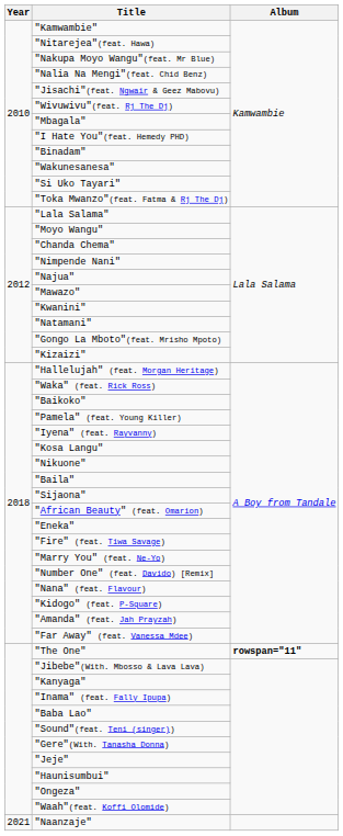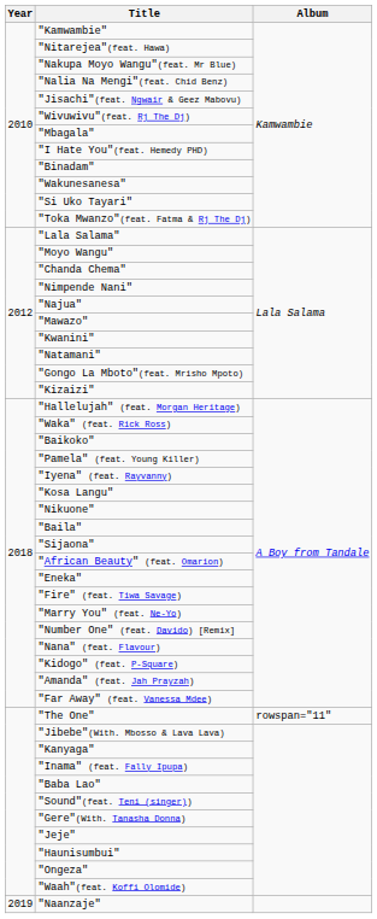 <table class="wikitable sortable">
 <tr>
 <th>Year</th>
 <th>Title</th>
 <th>Album</th>
 </tr>
 <tr>
 <td rowspan="12">2010<br></td>
 <td>"Kamwambie"</td>
 <td rowspan="12"><em>Kamwambie</em></td>
 </tr>
 <tr>
 <td>"Nitarejea"<small>(feat. Hawa)</small></td>
 </tr>
 <tr>
 <td>"Nakupa Moyo Wangu"<small>(feat. Mr Blue)</small></td>
 </tr>
 <tr>
 <td>"Nalia Na Mengi"<small>(feat. Chid Benz)</small></td>
 </tr>
 <tr>
 <td>"Jisachi"<small>(feat. <a href='#'>Ngwair</a> & Geez Mabovu)</small></td>
 </tr>
 <tr>
 <td>"Wivuwivu"<small>(feat. <a href='#'>Rj The Dj</a>)</small></td>
 </tr>
 <tr>
 <td>"Mbagala"</td>
 </tr>
 <tr>
 <td>"I Hate You"<small>(feat. Hemedy PHD)</small></td>
 </tr>
 <tr>
 <td>"Binadam"</td>
 </tr>
 <tr>
 <td>"Wakunesanesa"</td>
 </tr>
 <tr>
 <td>"Si Uko Tayari"</td>
 </tr>
 <tr>
 <td>"Toka Mwanzo"<small>(feat. Fatma & <a href='#'>Rj The Dj</a>)</small></td>
 </tr>
 <tr>
 <td rowspan="10">2012<br></td>
 <td>"Lala Salama"</td>
 <td rowspan="10"><em>Lala Salama</em></td>
 </tr>
 <tr>
 <td>"Moyo Wangu"</td>
 </tr>
 <tr>
 <td>"Chanda Chema"</td>
 </tr>
 <tr>
 <td>"Nimpende Nani"</td>
 </tr>
 <tr>
 <td>"Najua"</td>
 </tr>
 <tr>
 <td>"Mawazo"</td>
 </tr>
 <tr>
 <td>"Kwanini"</td>
 </tr>
 <tr>
 <td>"Natamani"</td>
 </tr>
 <tr>
 <td>"Gongo La Mboto"<small>(feat. Mrisho Mpoto)</small></td>
 </tr>
 <tr>
 <td>"Kizaizi"</td>
 </tr>
 <tr>
 <td rowspan="18">2018</td>
 <td>"Hallelujah" <small>(feat. <a href='#'>Morgan Heritage</a>)</small></td>
 <td rowspan="18"><em><a href='#'>A Boy from Tandale</a></em></td>
 </tr>
 <tr>
 <td>"Waka" <small>(feat. <a href='#'>Rick Ross</a>)</small></td>
 </tr>
 <tr>
 <td>"Baikoko"</td>
 </tr>
 <tr>
 <td>"Pamela" <small>(feat. Young Killer)</small></td>
 </tr>
 <tr>
 <td>"Iyena" <small>(feat. <a href='#'>Rayvanny</a>)</small></td>
 </tr>
 <tr>
 <td>"Kosa Langu"</td>
 </tr>
 <tr>
 <td>"Nikuone"</td>
 </tr>
 <tr>
 <td>"Baila"</td>
 </tr>
 <tr>
 <td>"Sijaona"</td>
 </tr>
 <tr>
 <td>"<a href='#'>African Beauty</a>" <small>(feat. <a href='#'>Omarion</a>)</small></td>
 </tr>
 <tr>
 <td>"Eneka"</td>
 </tr>
 <tr>
 <td>"Fire" <small>(feat. <a href='#'>Tiwa Savage</a>)</small></td>
 </tr>
 <tr>
 <td>"Marry You" <small>(feat. <a href='#'>Ne-Yo</a>)</small></td>
 </tr>
 <tr>
 <td>"Number One" <small>(feat. <a href='#'>Davido</a>) [Remix]</small></td>
 </tr>
 <tr>
 <td>"Nana" <small>(feat. <a href='#'>Flavour</a>)</small></td>
 </tr>
 <tr>
 <td>"Kidogo" <small>(feat. <a href='#'>P-Square</a>)</small></td>
 </tr>
 <tr>
 <td>"Amanda" <small>(feat. <a href='#'>Jah Prayzah</a>)</small></td>
 </tr>
 <tr>
 <td>"Far Away" <small>(feat. <a href='#'>Vanessa Mdee</a>)</small></td>
 </tr>
 <tr>
 <td rowspan="11"></td>
 <td>"The One"</td>
-<td><strong>rowspan="11"</strong></td>
+<td>rowspan="11"</td>
 </tr>
 <tr>
 <td>"Jibebe"<small>(With. Mbosso & Lava Lava)</small></td>
 </tr>
 <tr>
 <td>"Kanyaga"</td>
 </tr>
 <tr>
 <td>"Inama" <small>(feat. <a href='#'>Fally Ipupa</a>)</small></td>
 </tr>
 <tr>
 <td>"Baba Lao"</td>
 </tr>
 <tr>
 <td>"Sound"<small>(feat. <a href='#'>Teni (singer)</a>)</small></td>
 </tr>
 <tr>
 <td>"Gere"<small>(With. <a href='#'>Tanasha Donna</a>)</small></td>
 </tr>
 <tr>
 <td>"Jeje"</td>
 </tr>
 <tr>
 <td>"Haunisumbui"</td>
 </tr>
 <tr>
 <td>"Ongeza"</td>
 </tr>
 <tr>
 <td>"Waah"<small>(feat. <a href='#'>Koffi Olomide</a>)</small></td>
 </tr>
 <tr>
-<td>2021</td>
+<td>2019</td>
 <td>"Naanzaje"</td>
 <td></td>
 </tr>
 </table>
